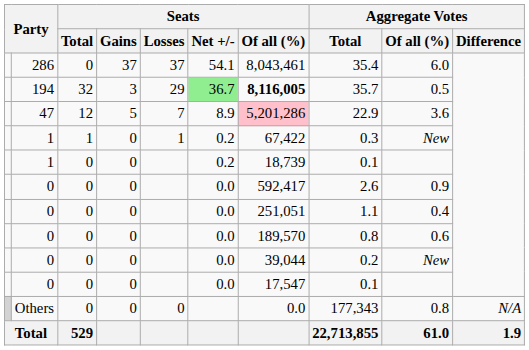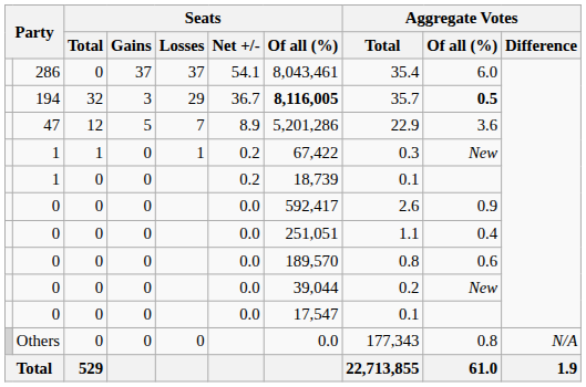 <table class="wikitable sortable" style="text-align:right; font-size:95%;">
 <tr>
 <th colspan="2" rowspan="2">Party</th>
 <th colspan="5">Seats</th>
 <th colspan="3">Aggregate Votes</th>
 </tr>
 <tr>
 <th>Total</th>
 <th>Gains</th>
 <th>Losses</th>
 <th>Net +/-</th>
 <th>Of all (%)</th>
 <th>Total</th>
 <th>Of all (%)</th>
 <th>Difference</th>
 </tr>
 <tr>
 <td></td>
 <td align="right">286</td>
 <td align="right">0</td>
 <td align="right">37</td>
 <td align="right">37</td>
 <td align="right">54.1</td>
 <td align="right">8,043,461</td>
 <td align="right">35.4</td>
 <td align="right">6.0</td>
 </tr>
 <tr>
 <td></td>
 <td align="right">194</td>
 <td align="right">32</td>
 <td align="right">3</td>
 <td align="right">29</td>
-<td align="right" style="background: lightgreen;">36.7</td>
+<td align="right">36.7</td>
 <td align="right"><strong>8,116,005</strong></td>
 <td align="right">35.7</td>
-<td align="right">0.5</td>
+<td align="right"><strong>0.5</strong></td>
 </tr>
 <tr>
 <td></td>
 <td align="right">47</td>
 <td align="right">12</td>
 <td align="right">5</td>
 <td align="right">7</td>
 <td align="right">8.9</td>
-<td align="right" style="background: pink;">5,201,286</td>
+<td align="right">5,201,286</td>
 <td align="right">22.9</td>
 <td align="right">3.6</td>
 </tr>
 <tr>
 <td></td>
 <td align="right">1</td>
 <td align="right">1</td>
 <td align="right">0</td>
 <td align="right">1</td>
 <td align="right">0.2</td>
 <td align="right">67,422</td>
 <td align="right">0.3</td>
 <td align="right"><em>New</em></td>
 </tr>
 <tr>
 <td></td>
 <td align="right">1</td>
 <td align="right">0</td>
 <td align="right">0</td>
 <td align="right"></td>
 <td align="right">0.2</td>
 <td align="right">18,739</td>
 <td align="right">0.1</td>
 <td align="right"></td>
 </tr>
 <tr>
 <td></td>
 <td align="right">0</td>
 <td align="right">0</td>
 <td align="right">0</td>
 <td align="right"></td>
 <td align="right">0.0</td>
 <td align="right">592,417</td>
 <td align="right">2.6</td>
 <td align="right">0.9</td>
 </tr>
 <tr>
 <td></td>
 <td align="right">0</td>
 <td align="right">0</td>
 <td align="right">0</td>
 <td align="right"></td>
 <td align="right">0.0</td>
 <td align="right">251,051</td>
 <td align="right">1.1</td>
 <td align="right">0.4</td>
 </tr>
 <tr>
 <td></td>
 <td align="right">0</td>
 <td align="right">0</td>
 <td align="right">0</td>
 <td align="right"></td>
 <td align="right">0.0</td>
 <td align="right">189,570</td>
 <td align="right">0.8</td>
 <td align="right">0.6</td>
 </tr>
 <tr>
 <td></td>
 <td align="right">0</td>
 <td align="right">0</td>
 <td align="right">0</td>
 <td align="right"></td>
 <td align="right">0.0</td>
 <td align="right">39,044</td>
 <td align="right">0.2</td>
 <td align="right"><em>New</em></td>
 </tr>
 <tr>
 <td></td>
 <td align="right">0</td>
 <td align="right">0</td>
 <td align="right">0</td>
 <td align="right"></td>
 <td align="right">0.0</td>
 <td align="right">17,547</td>
 <td align="right">0.1</td>
 <td align="right"></td>
 </tr>
 <tr>
 <td bgcolor="lightgrey"></td>
 <td align="left">Others</td>
 <td align="right">0</td>
 <td align="right">0</td>
 <td align="right">0</td>
 <td align="right"></td>
 <td align="right">0.0</td>
 <td align="right">177,343</td>
 <td align="right">0.8</td>
 <td align="right"><em>N/A</em></td>
 </tr>
 <tr class="sortbottom">
 <th colspan="2" style="background:#f2f2f2"><strong>Total</strong></th>
 <td style="background:#f2f2f2;"><strong>529</strong></td>
 <td style="background:#f2f2f2;"></td>
 <td style="background:#f2f2f2;"></td>
 <td style="background:#f2f2f2;"></td>
 <td style="background:#f2f2f2;"></td>
 <td style="background:#f2f2f2;"><strong>22,713,855</strong></td>
 <td style="background:#f2f2f2;"><strong>61.0</strong></td>
 <td style="background:#f2f2f2;"><strong>1.9</strong></td>
 </tr>
 </table>
